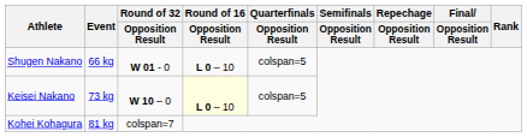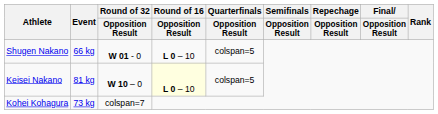 <table class=wikitable style="text-align:center; font-size:90%">
 <tr>
 <th rowspan="2">Athlete</th>
 <th rowspan="2">Event</th>
 <th>Round of 32</th>
 <th>Round of 16</th>
 <th>Quarterfinals</th>
 <th>Semifinals</th>
 <th>Repechage</th>
 <th>Final/</th>
 <th rowspan=2>Rank</th>
 </tr>
 <tr style="font-size:95%">
 <th>Opposition<br>Result</th>
 <th>Opposition<br>Result</th>
 <th>Opposition<br>Result</th>
 <th>Opposition<br>Result</th>
 <th>Opposition<br>Result</th>
 <th>Opposition<br>Result</th>
 </tr>
 <tr>
 <td align=left><a href='#'>Shugen Nakano</a></td>
 <td><a href='#'>66 kg</a></td>
 <td style="text-align:center;"> <br> <strong>W</strong> <strong>01</strong> - 0</td>
 <td style="text-align:center;"> <br> <strong>L</strong> <strong></strong> <strong>0</strong> – 10</td>
 <td>colspan=5 </td>
 </tr>
 <tr>
 <td align=left><a href='#'>Keisei Nakano</a></td>
-<td><a href='#'>73 kg</a></td>
+<td><a href='#'>81 kg</a></td>
 <td style="text-align:center;"> <br> <strong>W</strong> <strong></strong> <strong>10</strong> – 0</td>
 <td style="background: lightyellow; text-align:center;"><br><br> <strong>L</strong> <strong></strong> <strong>0</strong> – 10</td>
 <td>colspan=5 </td>
 </tr>
 <tr>
 <td align=left><a href='#'>Kohei Kohagura</a></td>
-<td><a href='#'>81 kg</a></td>
+<td><a href='#'>73 kg</a></td>
 <td>colspan=7</td>
 </tr>
 </table>
